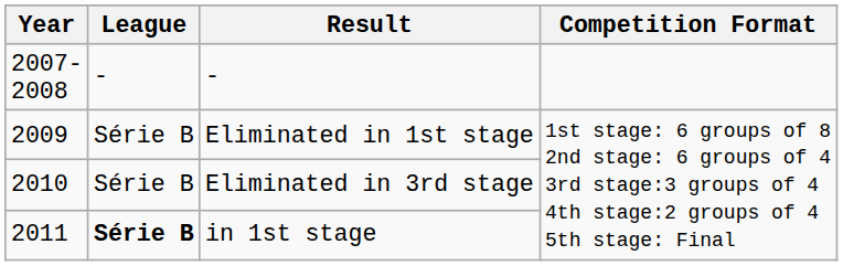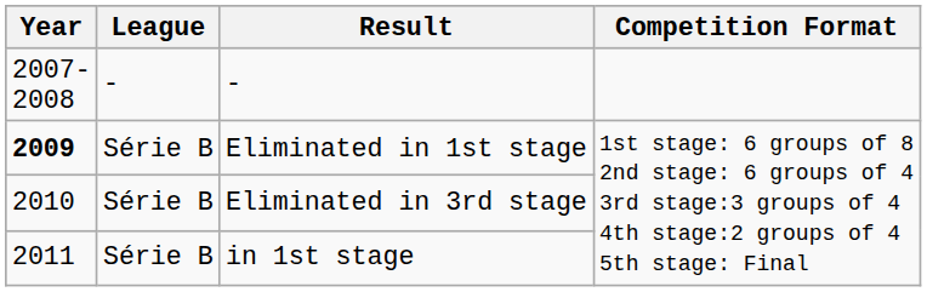 <table class="wikitable">
 <tr>
 <th>Year</th>
 <th>League</th>
 <th>Result</th>
 <th>Competition Format</th>
 </tr>
 <tr>
 <td>2007-<br>2008</td>
 <td>-</td>
 <td>-</td>
 </tr>
 <tr>
-<td>2009</td>
+<td><strong>2009</strong></td>
 <td>Série B</td>
 <td>Eliminated in 1st stage</td>
 <td rowspan="3"><small>1st stage: 6 groups of 8 <br>2nd stage: 6 groups of 4<br>3rd stage:3 groups of 4  <br>4th stage:2 groups of 4 <br>5th stage: Final</small></td>
 </tr>
 <tr>
 <td>2010</td>
 <td>Série B</td>
 <td>Eliminated in 3rd stage</td>
 </tr>
 <tr>
 <td>2011</td>
-<td><strong>Série B</strong></td>
+<td>Série B</td>
 <td>in 1st stage</td>
 </tr>
 </table>
